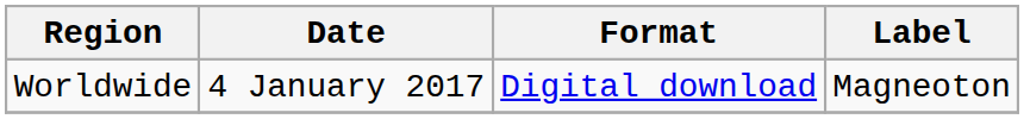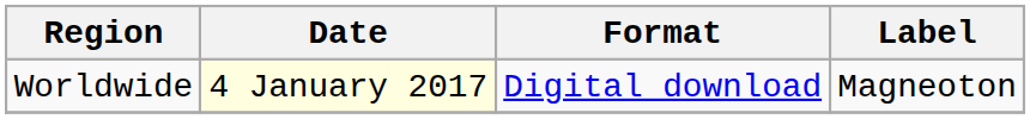 <table class=wikitable>
 <tr>
 <th>Region</th>
 <th>Date</th>
 <th>Format</th>
 <th>Label</th>
 </tr>
 <tr>
 <td>Worldwide</td>
-<td>4 January 2017</td>
+<td style="background: lightyellow;">4 January 2017</td>
 <td><a href='#'>Digital download</a></td>
 <td>Magneoton</td>
 </tr>
 <tr>
 </tr>
 </table>
